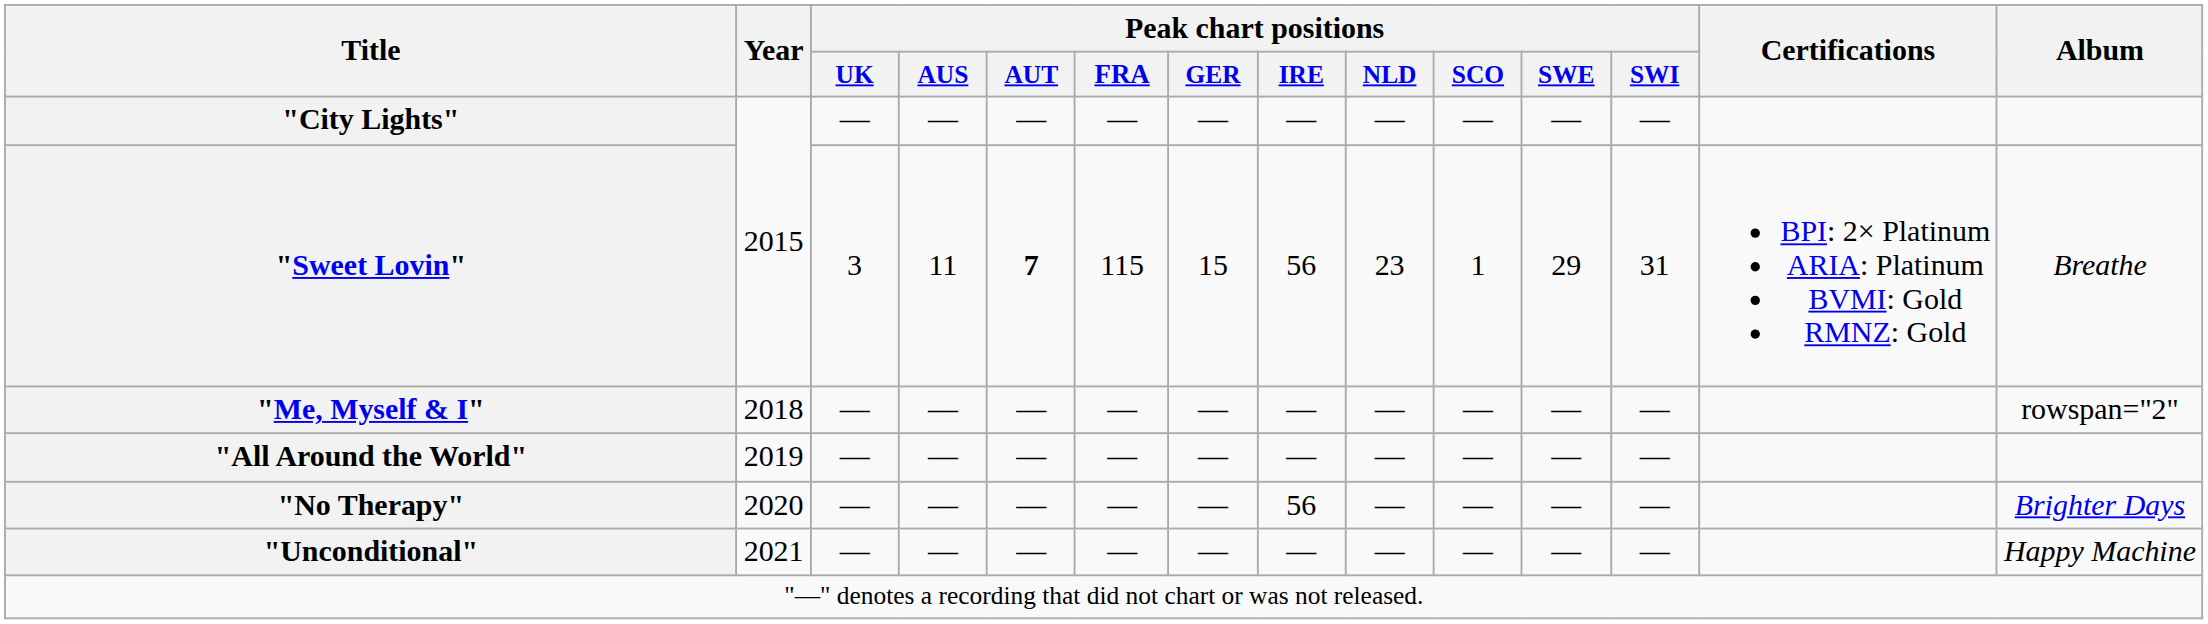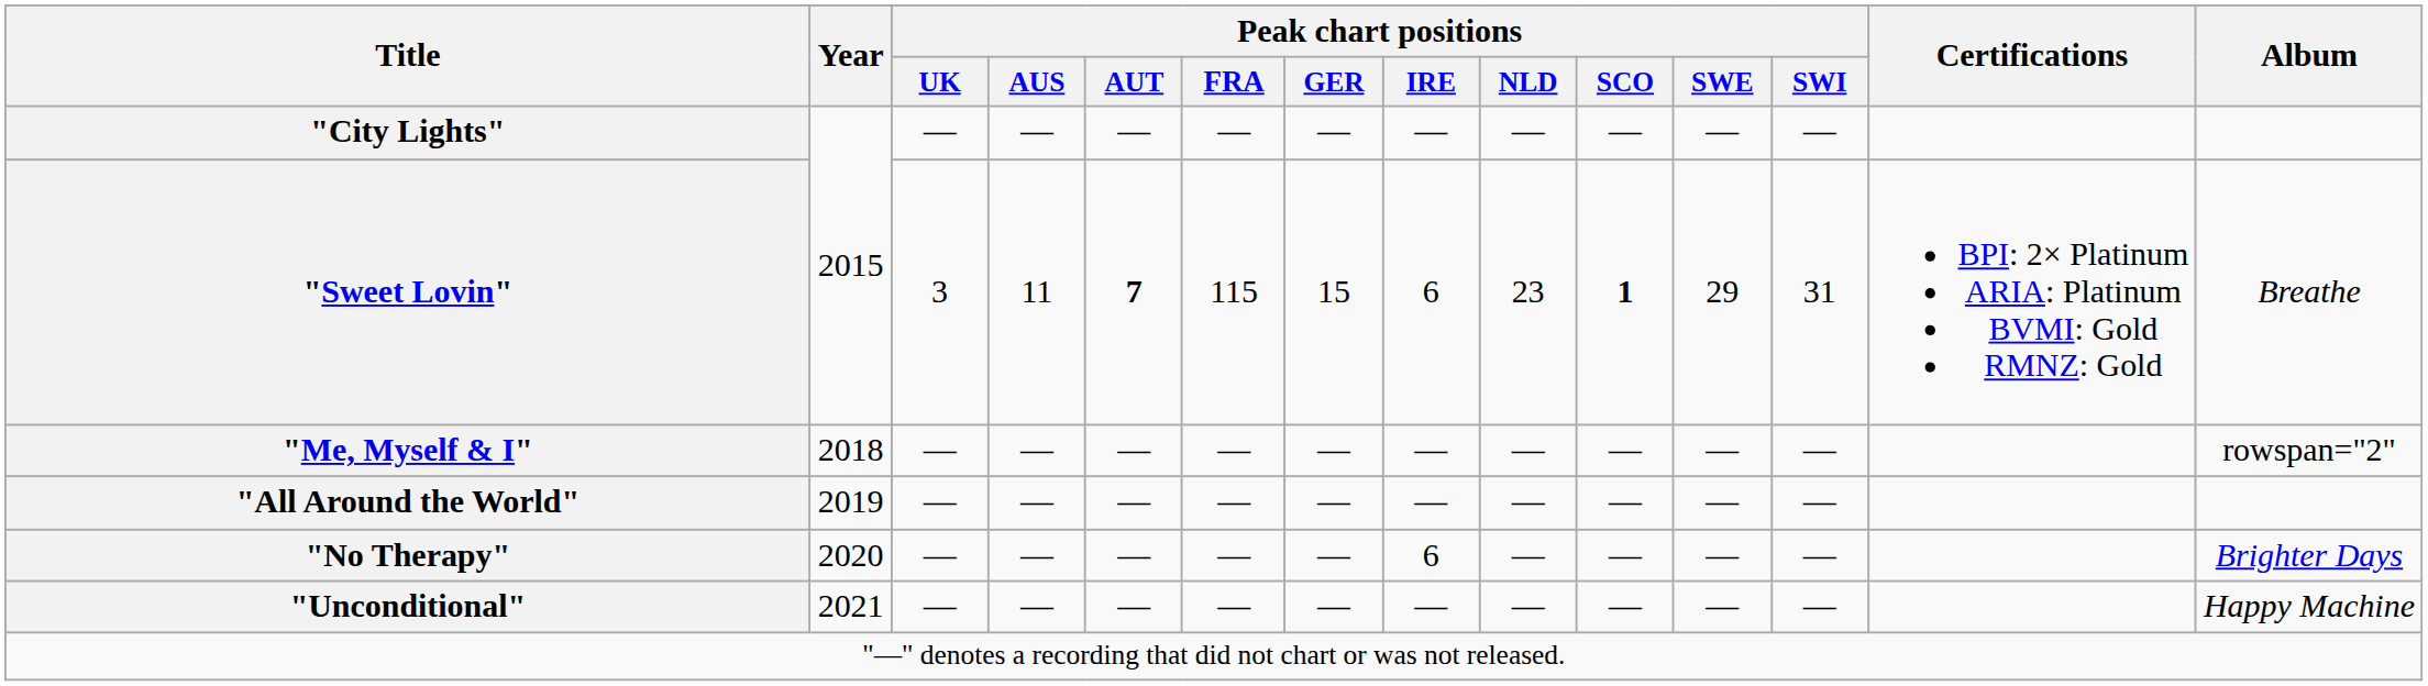 <table class="wikitable plainrowheaders" style="text-align:center;">
 <tr>
 <th scope="col" rowspan="2" style="width:24em;">Title</th>
 <th scope="col" rowspan="2" style="width:1em;">Year</th>
 <th scope="col" colspan="10">Peak chart positions</th>
 <th scope="col" rowspan="2">Certifications</th>
 <th scope="col" rowspan="2">Album</th>
 </tr>
 <tr>
 <th scope="col" style="width:3em;font-size:85%;"><a href='#'>UK</a></th>
 <th scope="col" style="width:3em;font-size:85%;"><a href='#'>AUS</a></th>
 <th scope="col" style="width:3em;font-size:85%;"><a href='#'>AUT</a></th>
 <th scope="col" style="width:3em;font-size:90%;"><a href='#'>FRA</a></th>
 <th scope="col" style="width:3em;font-size:85%;"><a href='#'>GER</a></th>
 <th scope="col" style="width:3em;font-size:85%;"><a href='#'>IRE</a></th>
 <th scope="col" style="width:3em;font-size:85%;"><a href='#'>NLD</a></th>
 <th scope="col" style="width:3em;font-size:85%;"><a href='#'>SCO</a></th>
 <th scope="col" style="width:3em;font-size:85%;"><a href='#'>SWE</a></th>
 <th scope="col" style="width:3em;font-size:85%;"><a href='#'>SWI</a></th>
 </tr>
 <tr>
 <th scope="row">"City Lights"<br></th>
 <td rowspan="2">2015</td>
 <td>—</td>
 <td>—</td>
 <td>—</td>
 <td>—</td>
 <td>—</td>
 <td>—</td>
 <td>—</td>
 <td>—</td>
 <td>—</td>
 <td>—</td>
 <td></td>
 <td></td>
 </tr>
 <tr>
 <th scope="row">"<a href='#'>Sweet Lovin</a>"<br></th>
 <td>3</td>
 <td>11</td>
 <td><strong>7</strong></td>
 <td>115</td>
 <td>15</td>
-<td>56</td>
+<td>6</td>
 <td>23</td>
-<td>1</td>
+<td><strong>1</strong></td>
 <td>29</td>
 <td>31</td>
 <td><br><ul><li><a href='#'>BPI</a>: 2× Platinum</li><li><a href='#'>ARIA</a>: Platinum</li><li><a href='#'>BVMI</a>: Gold</li><li><a href='#'>RMNZ</a>: Gold</li></ul></td>
 <td><em>Breathe</em></td>
 </tr>
 <tr>
 <th scope="row">"<a href='#'>Me, Myself & I</a>"<br></th>
 <td>2018</td>
 <td>—</td>
 <td>—</td>
 <td>—</td>
 <td>—</td>
 <td>—</td>
 <td>—</td>
 <td>—</td>
 <td>—</td>
 <td>—</td>
 <td>—</td>
 <td></td>
 <td>rowspan="2" </td>
 </tr>
 <tr>
 <th scope="row">"All Around the World" <br></th>
 <td>2019</td>
 <td>—</td>
 <td>—</td>
 <td>—</td>
 <td>—</td>
 <td>—</td>
 <td>—</td>
 <td>—</td>
 <td>—</td>
 <td>—</td>
 <td>—</td>
 <td></td>
 </tr>
 <tr>
 <th scope="row">"No Therapy" <br></th>
 <td>2020</td>
 <td>—</td>
 <td>—</td>
 <td>—</td>
 <td>—</td>
 <td>—</td>
-<td>56</td>
+<td>6</td>
 <td>—</td>
 <td>—</td>
 <td>—</td>
 <td>—</td>
 <td></td>
 <td><em><a href='#'>Brighter Days</a></em></td>
 </tr>
 <tr>
 <th scope="row">"Unconditional" <br></th>
 <td>2021</td>
 <td>—</td>
 <td>—</td>
 <td>—</td>
 <td>—</td>
 <td>—</td>
 <td>—</td>
 <td>—</td>
 <td>—</td>
 <td>—</td>
 <td>—</td>
 <td></td>
 <td><em>Happy Machine</em></td>
 </tr>
 <tr>
 <td colspan="14" style="font-size:85%">"—" denotes a recording that did not chart or was not released.</td>
 </tr>
 </table>
